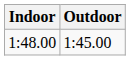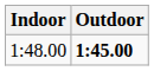 <table class="wikitable" border="1" align="upright">
 <tr>
 <th>Indoor</th>
 <th>Outdoor</th>
 </tr>
 <tr>
 <td>1:48.00</td>
-<td>1:45.00</td>
+<td><strong>1:45.00</strong></td>
 </tr>
 </table>
